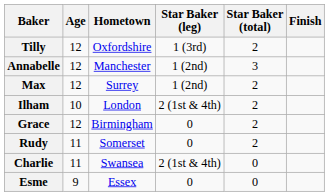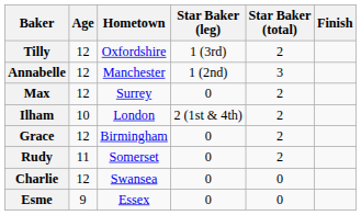 <table class="wikitable sortable" style="text-align:center">
 <tr>
 <th scope="col">Baker</th>
 <th scope="col">Age</th>
 <th scope="col">Hometown</th>
 <th scope="col">Star Baker<br>(leg)</th>
 <th scope="col">Star Baker<br>(total)</th>
 <th scope="col">Finish</th>
 </tr>
 <tr>
 <th scope="row">Tilly</th>
 <td>12</td>
 <td><a href='#'>Oxfordshire</a></td>
 <td>1 (3rd)</td>
 <td>2</td>
 <td></td>
 </tr>
 <tr>
 <th scope="row">Annabelle</th>
 <td>12</td>
 <td><a href='#'>Manchester</a></td>
 <td>1 (2nd)</td>
 <td>3</td>
 <td></td>
 </tr>
 <tr>
 <th scope="row">Max</th>
 <td>12</td>
 <td><a href='#'>Surrey</a></td>
-<td>1 (2nd)</td>
+<td>0</td>
 <td>2</td>
 <td></td>
 </tr>
 <tr>
 <th scope="row">Ilham</th>
 <td>10</td>
 <td><a href='#'>London</a></td>
 <td>2 (1st & 4th)</td>
 <td>2</td>
 <td></td>
 </tr>
 <tr>
 <th scope="row">Grace</th>
 <td>12</td>
 <td><a href='#'>Birmingham</a></td>
 <td>0</td>
 <td>2</td>
 <td></td>
 </tr>
 <tr>
 <th scope="row">Rudy</th>
 <td>11</td>
 <td><a href='#'>Somerset</a></td>
 <td>0</td>
 <td>2</td>
 <td></td>
 </tr>
 <tr>
 <th scope="row">Charlie</th>
-<td>11</td>
+<td>12</td>
 <td><a href='#'>Swansea</a></td>
-<td>2 (1st & 4th)</td>
+<td>0</td>
 <td>0</td>
 <td></td>
 </tr>
 <tr>
 <th scope="row">Esme</th>
 <td>9</td>
 <td><a href='#'>Essex</a></td>
 <td>0</td>
 <td>0</td>
 <td></td>
 </tr>
 </table>
